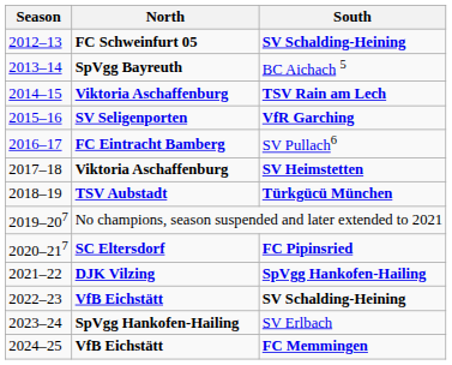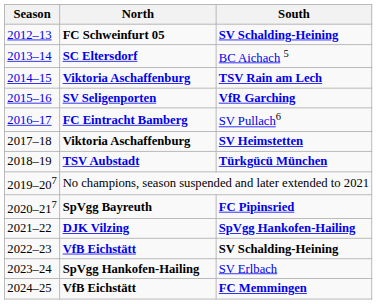 <table class="wikitable">
 <tr align="center" bgcolor="#dfdfdf">
 <th>Season</th>
 <th>North</th>
 <th>South</th>
 </tr>
 <tr>
 <td><a href='#'>2012–13</a></td>
 <td><strong>FC Schweinfurt 05</strong></td>
 <td><strong><a href='#'>SV Schalding-Heining</a></strong></td>
 </tr>
 <tr>
 <td><a href='#'>2013–14</a></td>
-<td><strong>SpVgg Bayreuth</strong></td>
+<td><strong><a href='#'>SC Eltersdorf</a></strong></td>
 <td><a href='#'>BC Aichach</a> <sup>5</sup></td>
 </tr>
 <tr>
 <td><a href='#'>2014–15</a></td>
 <td><strong><a href='#'>Viktoria Aschaffenburg</a></strong></td>
 <td><strong><a href='#'>TSV Rain am Lech</a></strong></td>
 </tr>
 <tr>
 <td><a href='#'>2015–16</a></td>
 <td><strong><a href='#'>SV Seligenporten</a></strong></td>
 <td><strong><a href='#'>VfR Garching</a></strong></td>
 </tr>
 <tr>
 <td><a href='#'>2016–17</a></td>
 <td><strong><a href='#'>FC Eintracht Bamberg</a></strong></td>
 <td><a href='#'>SV Pullach</a><sup>6</sup></td>
 </tr>
 <tr>
 <td>2017–18</td>
 <td><strong>Viktoria Aschaffenburg</strong></td>
 <td><strong><a href='#'>SV Heimstetten</a></strong></td>
 </tr>
 <tr>
 <td>2018–19</td>
 <td><strong><a href='#'>TSV Aubstadt</a></strong></td>
 <td><strong><a href='#'>Türkgücü München</a></strong></td>
 </tr>
 <tr>
 <td>2019–20<sup>7</sup></td>
 <td colspan=2>No champions, season suspended and later extended to 2021</td>
 </tr>
 <tr>
 <td>2020–21<sup>7</sup></td>
-<td><strong><a href='#'>SC Eltersdorf</a></strong></td>
+<td><strong>SpVgg Bayreuth</strong></td>
 <td><strong><a href='#'>FC Pipinsried</a></strong></td>
 </tr>
 <tr>
 <td>2021–22</td>
 <td><strong><a href='#'>DJK Vilzing</a></strong></td>
 <td><strong><a href='#'>SpVgg Hankofen-Hailing</a></strong></td>
 </tr>
 <tr>
 <td>2022–23</td>
 <td><strong><a href='#'>VfB Eichstätt</a></strong></td>
 <td><strong>SV Schalding-Heining</strong></td>
 </tr>
 <tr>
 <td>2023–24</td>
 <td><strong>SpVgg Hankofen-Hailing</strong></td>
 <td><a href='#'>SV Erlbach</a></td>
 </tr>
 <tr>
 <td>2024–25</td>
 <td><strong>VfB Eichstätt</strong></td>
 <td><strong><a href='#'>FC Memmingen</a></strong></td>
 </tr>
 </table>
